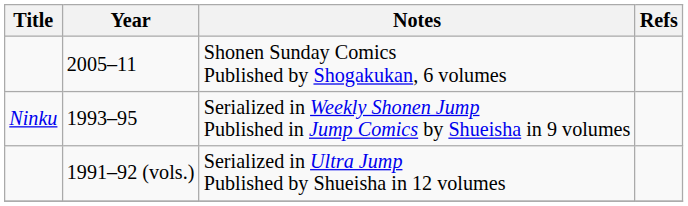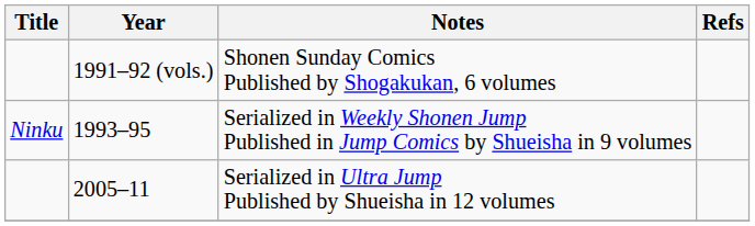 <table class="wikitable sortable">
 <tr>
 <th>Title</th>
 <th>Year</th>
 <th>Notes</th>
 <th>Refs</th>
 </tr>
 <tr>
 <td></td>
-<td>2005–11</td>
+<td>1991–92 (vols.)</td>
 <td>Shonen Sunday Comics<br>Published by <a href='#'>Shogakukan</a>, 6 volumes</td>
 <td> </td>
 </tr>
 <tr>
 <td><em><a href='#'>Ninku</a></em></td>
 <td>1993–95</td>
 <td>Serialized in <em><a href='#'>Weekly Shonen Jump</a></em><br>Published in <em><a href='#'>Jump Comics</a></em> by <a href='#'>Shueisha</a> in 9 volumes</td>
 <td></td>
 </tr>
 <tr>
 <td></td>
-<td>1991–92 (vols.)</td>
+<td>2005–11</td>
 <td>Serialized in <em><a href='#'>Ultra Jump</a></em><br>Published by Shueisha in 12 volumes</td>
 <td></td>
 </tr>
 <tr>
 </tr>
 </table>
